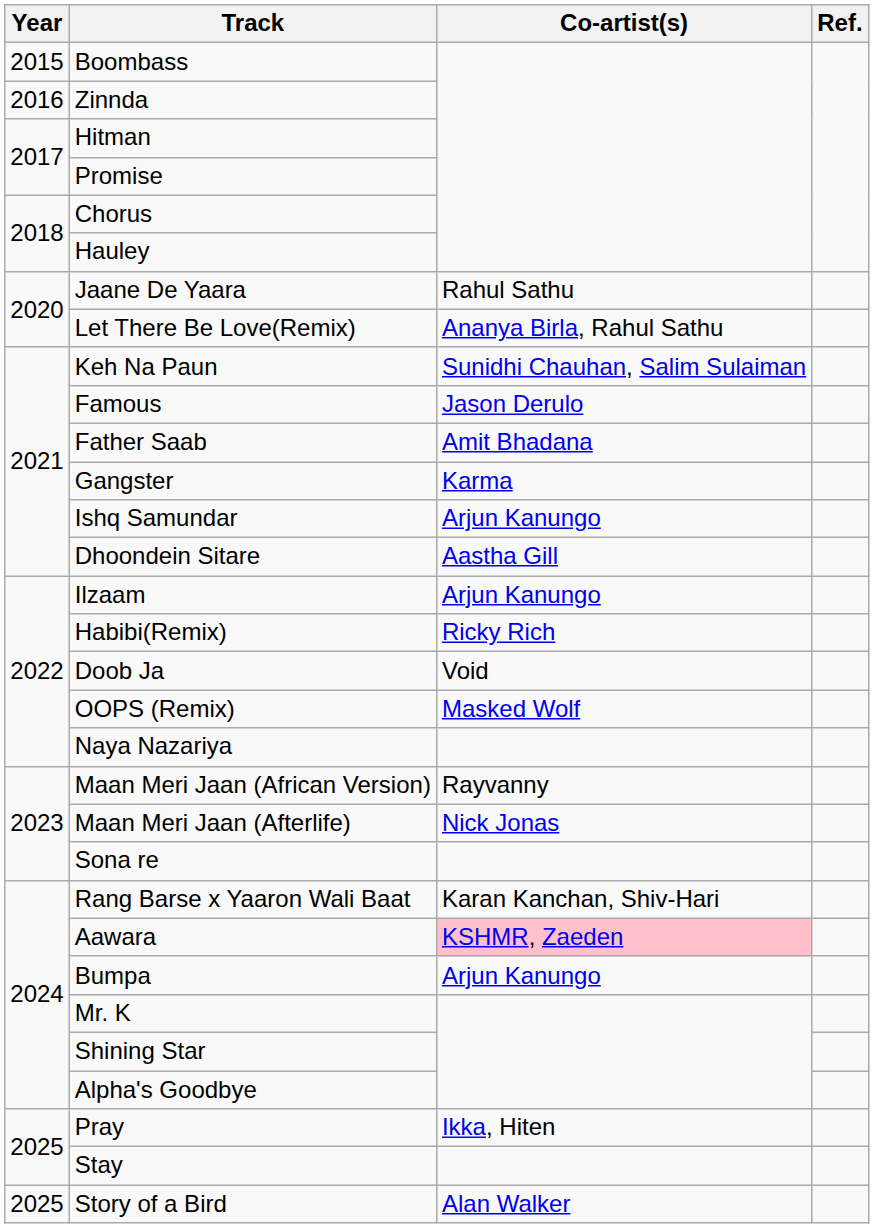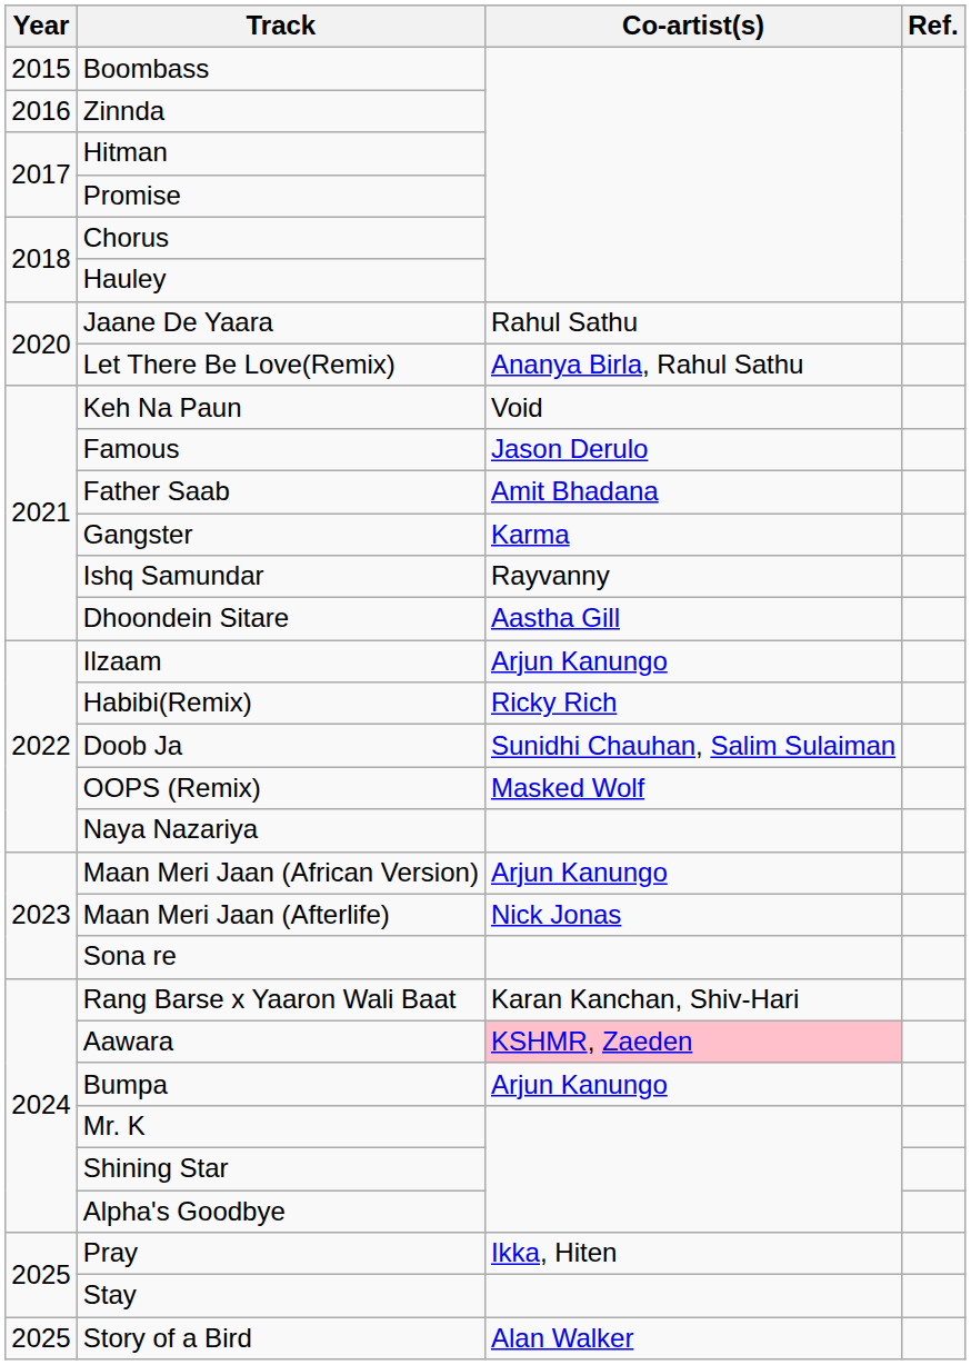 <table class="wikitable sortable">
 <tr>
 <th>Year</th>
 <th>Track</th>
 <th>Co-artist(s)</th>
 <th>Ref.</th>
 </tr>
 <tr>
 <td>2015</td>
 <td>Boombass</td>
 <td rowspan="6"></td>
 <td rowspan="6"></td>
 </tr>
 <tr>
 <td>2016</td>
 <td>Zinnda</td>
 </tr>
 <tr>
 <td rowspan="2">2017</td>
 <td>Hitman</td>
 </tr>
 <tr>
 <td>Promise</td>
 </tr>
 <tr>
 <td rowspan="2">2018</td>
 <td>Chorus</td>
 </tr>
 <tr>
 <td>Hauley</td>
 </tr>
 <tr>
 <td rowspan="2">2020</td>
 <td>Jaane De Yaara</td>
 <td>Rahul Sathu</td>
 <td></td>
 </tr>
 <tr>
 <td>Let There Be Love(Remix)</td>
 <td><a href='#'>Ananya Birla</a>, Rahul Sathu</td>
 <td></td>
 </tr>
 <tr>
 <td rowspan="6">2021</td>
 <td>Keh Na Paun</td>
-<td><a href='#'>Sunidhi Chauhan</a>, <a href='#'>Salim Sulaiman</a></td>
+<td>Void</td>
 <td></td>
 </tr>
 <tr>
 <td>Famous</td>
 <td><a href='#'>Jason Derulo</a></td>
 <td></td>
 </tr>
 <tr>
 <td>Father Saab</td>
 <td><a href='#'>Amit Bhadana</a></td>
 <td></td>
 </tr>
 <tr>
 <td>Gangster</td>
 <td><a href='#'>Karma</a></td>
 <td></td>
 </tr>
 <tr>
 <td>Ishq Samundar</td>
-<td><a href='#'>Arjun Kanungo</a></td>
+<td>Rayvanny</td>
 <td></td>
 </tr>
 <tr>
 <td>Dhoondein Sitare</td>
 <td><a href='#'>Aastha Gill</a></td>
 <td></td>
 </tr>
 <tr>
 <td rowspan="5">2022</td>
 <td>Ilzaam</td>
 <td><a href='#'>Arjun Kanungo</a></td>
 <td></td>
 </tr>
 <tr>
 <td>Habibi(Remix)</td>
 <td><a href='#'>Ricky Rich</a></td>
 <td></td>
 </tr>
 <tr>
 <td>Doob Ja</td>
-<td>Void</td>
+<td><a href='#'>Sunidhi Chauhan</a>, <a href='#'>Salim Sulaiman</a></td>
 <td></td>
 </tr>
 <tr>
 <td>OOPS (Remix)</td>
 <td><a href='#'>Masked Wolf</a></td>
 <td></td>
 </tr>
 <tr>
 <td>Naya Nazariya</td>
 <td></td>
 <td></td>
 </tr>
 <tr>
 <td rowspan="3">2023</td>
 <td>Maan Meri Jaan (African Version)</td>
-<td>Rayvanny</td>
+<td><a href='#'>Arjun Kanungo</a></td>
 <td></td>
 </tr>
 <tr>
 <td>Maan Meri Jaan (Afterlife)</td>
 <td><a href='#'>Nick Jonas</a></td>
 <td></td>
 </tr>
 <tr>
 <td>Sona re</td>
 <td></td>
 <td></td>
 </tr>
 <tr>
 <td rowspan="6">2024</td>
 <td>Rang Barse x Yaaron Wali Baat</td>
 <td>Karan Kanchan, Shiv-Hari</td>
 <td></td>
 </tr>
 <tr>
 <td>Aawara</td>
 <td style="background: pink;"><a href='#'>KSHMR</a>, <a href='#'>Zaeden</a></td>
 <td></td>
 </tr>
 <tr>
 <td>Bumpa</td>
 <td><a href='#'>Arjun Kanungo</a></td>
 <td></td>
 </tr>
 <tr>
 <td>Mr. K</td>
 <td rowspan="3"></td>
 <td></td>
 </tr>
 <tr>
 <td>Shining Star</td>
 <td></td>
 </tr>
 <tr>
 <td>Alpha's Goodbye</td>
 <td></td>
 </tr>
 <tr>
 <td rowspan="2">2025</td>
 <td>Pray</td>
 <td><a href='#'>Ikka</a>, Hiten</td>
 <td></td>
 </tr>
 <tr>
 <td>Stay</td>
 <td></td>
 <td></td>
 </tr>
 <tr>
 <td rowspan="1">2025</td>
 <td>Story of a Bird</td>
 <td><a href='#'>Alan Walker</a></td>
 <td></td>
 </tr>
 </table>
